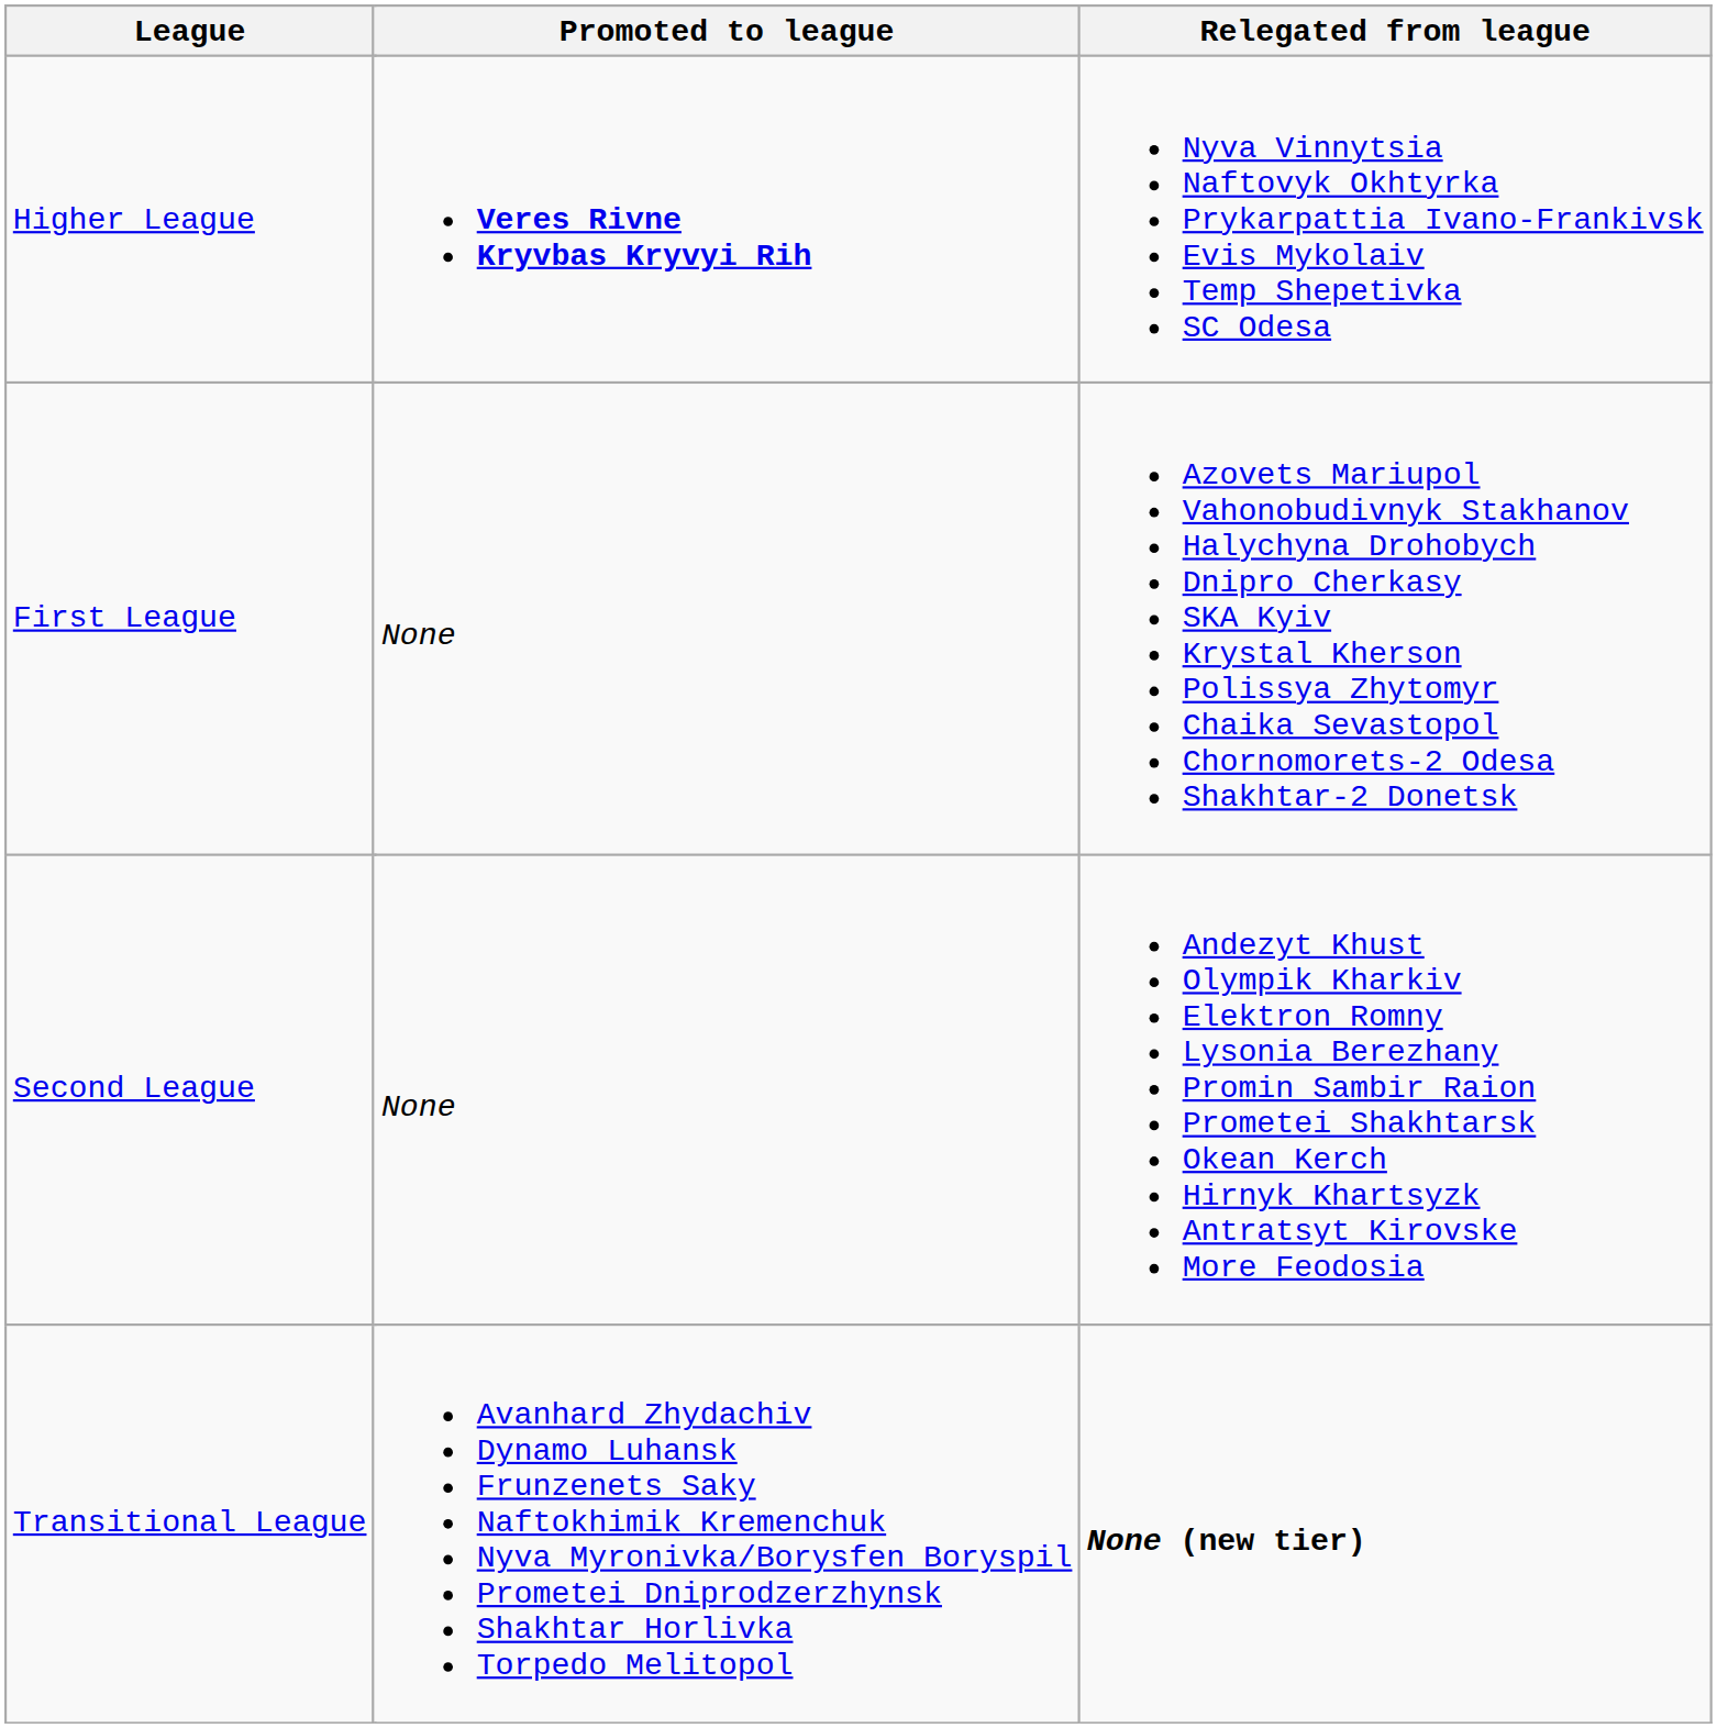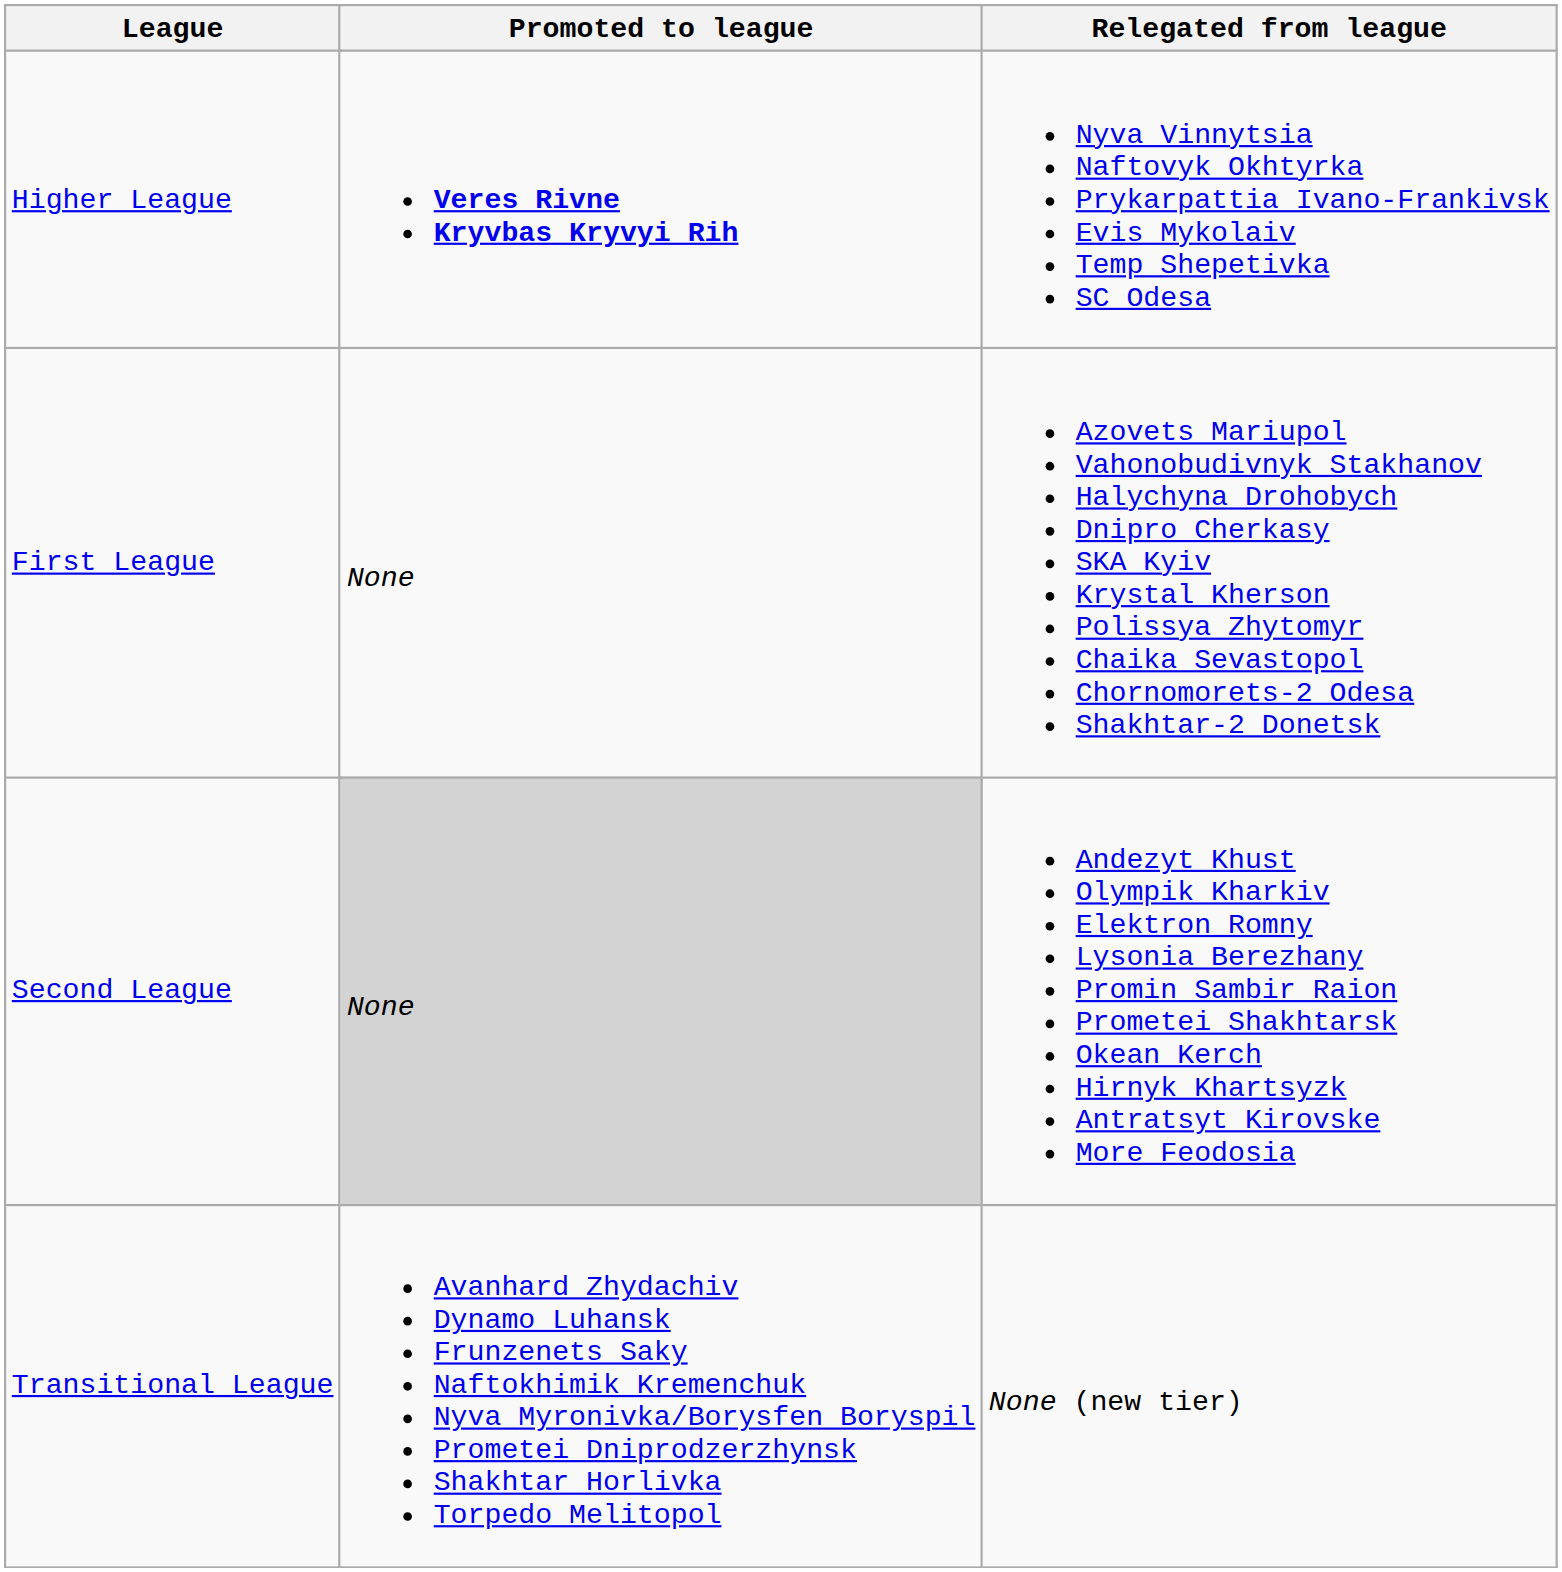 <table class="wikitable">
 <tr>
 <th colspan=2>League</th>
 <th>Promoted to league</th>
 <th>Relegated from league</th>
 </tr>
 <tr>
 <td colspan=2><a href='#'>Higher League</a></td>
 <td><strong><br><ul><li><a href='#'>Veres Rivne</a></li><li><a href='#'>Kryvbas Kryvyi Rih</a></li></ul></strong></td>
 <td><br><ul><li><a href='#'>Nyva Vinnytsia</a></li><li><a href='#'>Naftovyk Okhtyrka</a></li><li><a href='#'>Prykarpattia Ivano-Frankivsk</a></li><li><a href='#'>Evis Mykolaiv</a></li><li><a href='#'>Temp Shepetivka</a></li><li><a href='#'>SC Odesa</a></li></ul></td>
 </tr>
 <tr>
 <td colspan=2><a href='#'>First League</a></td>
 <td><br><em>None</em></td>
 <td><br><ul><li><a href='#'>Azovets Mariupol</a></li><li><a href='#'>Vahonobudivnyk Stakhanov</a></li><li><a href='#'>Halychyna Drohobych</a></li><li><a href='#'>Dnipro Cherkasy</a></li><li><a href='#'>SKA Kyiv</a></li><li><a href='#'>Krystal Kherson</a></li><li><a href='#'>Polissya Zhytomyr</a></li><li><a href='#'>Chaika Sevastopol</a></li><li><a href='#'>Chornomorets-2 Odesa</a></li><li><a href='#'>Shakhtar-2 Donetsk</a></li></ul></td>
 </tr>
 <tr>
 <td colspan=2><a href='#'>Second League</a></td>
-<td><br><em>None</em></td>
+<td style="background: lightgrey;"><br><em>None</em></td>
 <td><br><ul><li><a href='#'>Andezyt Khust</a></li><li><a href='#'>Olympik Kharkiv</a></li><li><a href='#'>Elektron Romny</a></li><li><a href='#'>Lysonia Berezhany</a></li><li><a href='#'>Promin Sambir Raion</a></li><li><a href='#'>Prometei Shakhtarsk</a></li><li><a href='#'>Okean Kerch</a></li><li><a href='#'>Hirnyk Khartsyzk</a></li><li><a href='#'>Antratsyt Kirovske</a></li><li><a href='#'>More Feodosia</a></li></ul></td>
 </tr>
 <tr>
 <td colspan=2><a href='#'>Transitional League</a></td>
 <td><br><ul><li><a href='#'>Avanhard Zhydachiv</a></li><li><a href='#'>Dynamo Luhansk</a></li><li><a href='#'>Frunzenets  Saky</a></li><li><a href='#'>Naftokhimik Kremenchuk</a></li><li><a href='#'>Nyva  Myronivka/Borysfen Boryspil</a></li><li><a href='#'>Prometei Dniprodzerzhynsk</a></li><li><a href='#'>Shakhtar Horlivka</a></li><li><a href='#'>Torpedo Melitopol</a></li></ul></td>
-<td><strong><br><em>None</em> (new tier)</strong></td>
+<td><br><em>None</em> (new tier)</td>
 </tr>
 </table>
